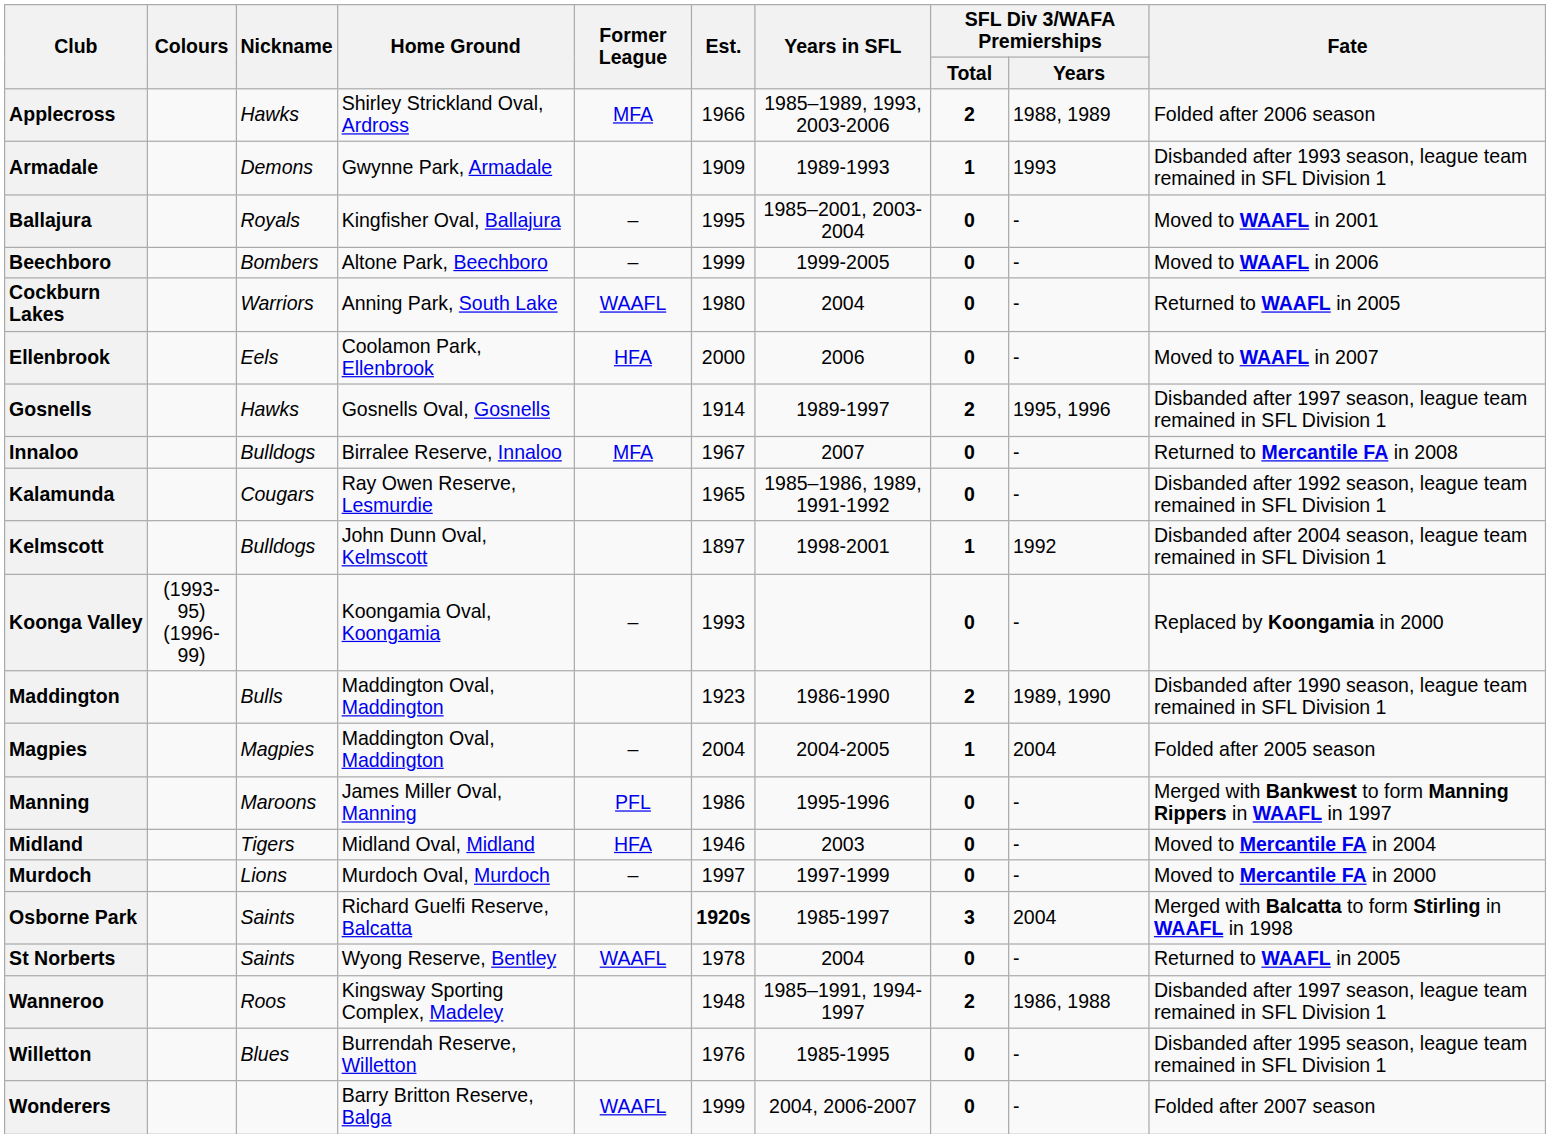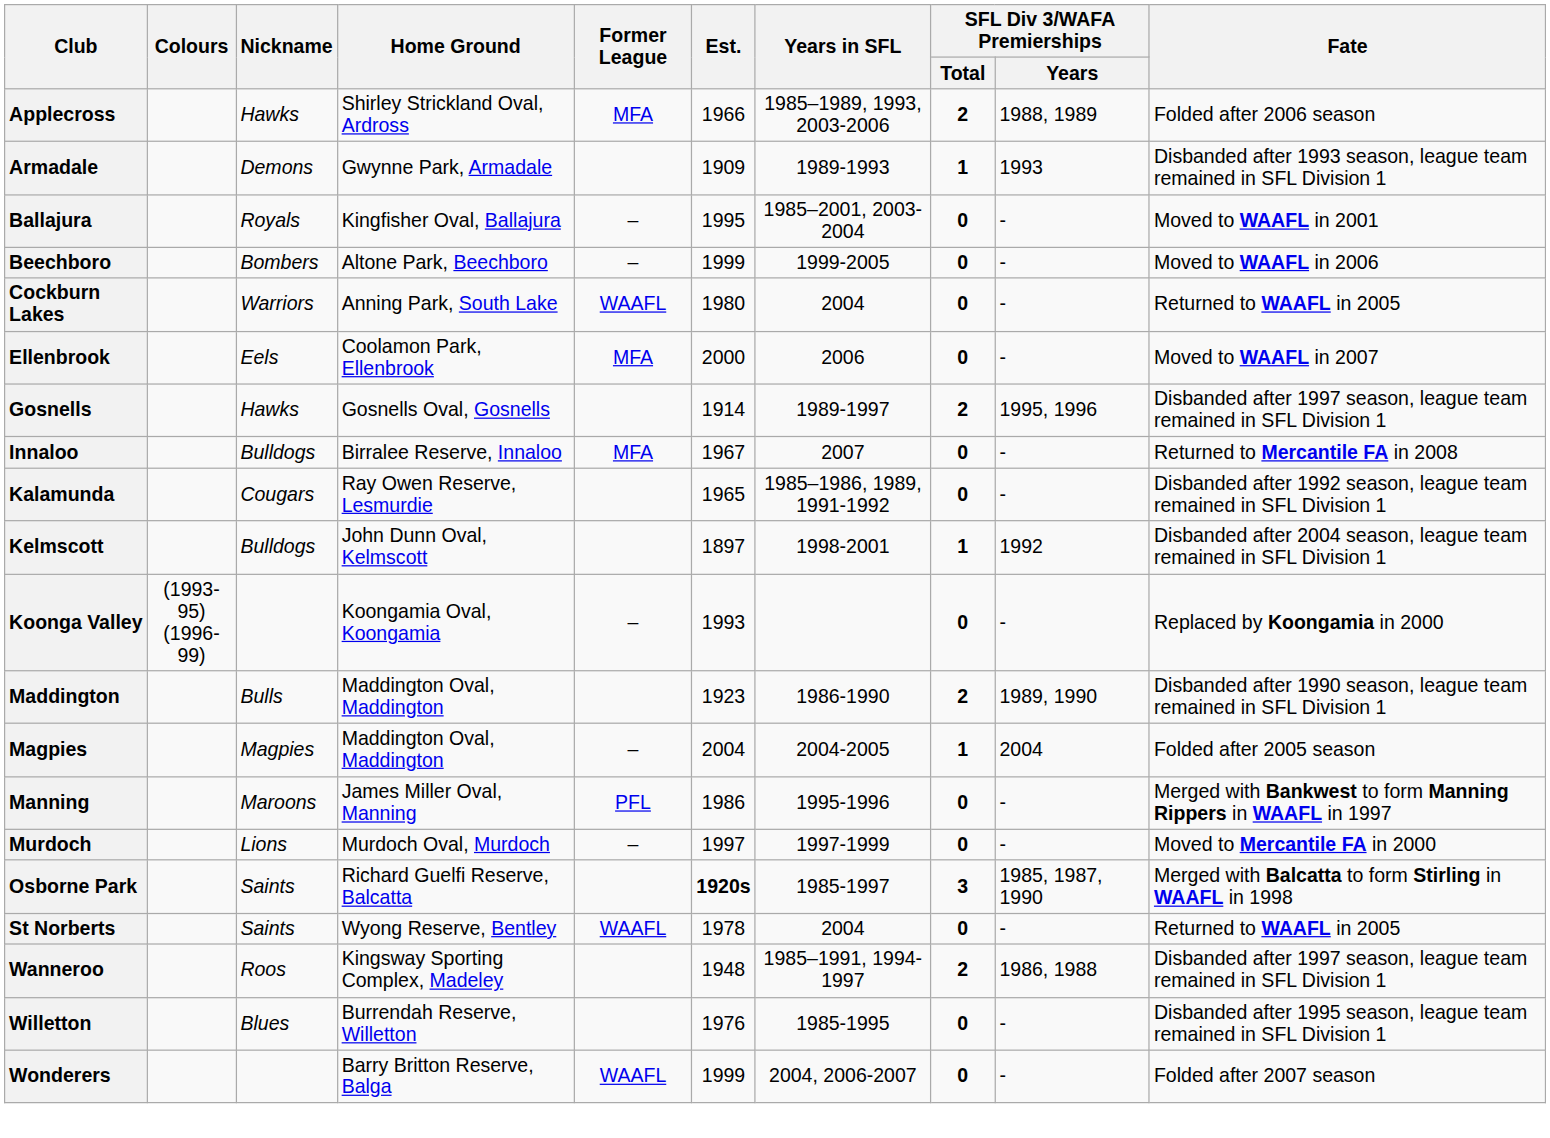 <table class="wikitable sortable" style="text-align:center; width:100%">
 <tr>
 <th rowspan="2">Club</th>
 <th rowspan="2">Colours</th>
 <th rowspan="2">Nickname</th>
 <th rowspan="2">Home Ground</th>
 <th rowspan="2">Former League</th>
 <th rowspan="2">Est.</th>
 <th rowspan="2">Years in SFL</th>
 <th colspan="2">SFL Div 3/WAFA Premierships</th>
 <th rowspan="2">Fate</th>
 </tr>
 <tr>
 <th>Total</th>
 <th>Years</th>
 </tr>
 <tr>
 <th style="text-align:left">Applecross</th>
 <td></td>
 <td align="left"><em>Hawks</em></td>
 <td align="left">Shirley Strickland Oval, <a href='#'>Ardross</a></td>
 <td><a href='#'>MFA</a></td>
 <td>1966</td>
 <td>1985–1989, 1993, 2003-2006</td>
 <td><strong>2</strong></td>
 <td align="left">1988, 1989</td>
 <td align="left">Folded after 2006 season</td>
 </tr>
 <tr>
 <th style="text-align:left">Armadale</th>
 <td></td>
 <td align="left"><em>Demons</em></td>
 <td align="left">Gwynne Park, <a href='#'>Armadale</a></td>
 <td></td>
 <td>1909</td>
 <td>1989-1993</td>
 <td><strong>1</strong></td>
 <td align="left">1993</td>
 <td align="left">Disbanded after 1993 season, league team remained in SFL Division 1</td>
 </tr>
 <tr>
 <th style="text-align:left">Ballajura</th>
 <td></td>
 <td align="left"><em>Royals</em></td>
 <td align="left">Kingfisher Oval, <a href='#'>Ballajura</a></td>
 <td>–</td>
 <td>1995</td>
 <td>1985–2001, 2003-2004</td>
 <td><strong>0</strong></td>
 <td align="left">-</td>
 <td align="left">Moved to <strong><a href='#'>WAAFL</a></strong> in 2001</td>
 </tr>
 <tr>
 <th style="text-align:left">Beechboro</th>
 <td></td>
 <td align="left"><em>Bombers</em></td>
 <td align="left">Altone Park, <a href='#'>Beechboro</a></td>
 <td>–</td>
 <td>1999</td>
 <td>1999-2005</td>
 <td><strong>0</strong></td>
 <td align="left">-</td>
 <td align="left">Moved to <strong><a href='#'>WAAFL</a></strong> in 2006</td>
 </tr>
 <tr>
 <th style="text-align:left">Cockburn Lakes</th>
 <td></td>
 <td align="left"><em>Warriors</em></td>
 <td align="left">Anning Park, <a href='#'>South Lake</a></td>
 <td><a href='#'>WAAFL</a></td>
 <td>1980</td>
 <td>2004</td>
 <td><strong>0</strong></td>
 <td align="left">-</td>
 <td align="left">Returned to <strong><a href='#'>WAAFL</a></strong> in 2005</td>
 </tr>
 <tr>
 <th style="text-align:left">Ellenbrook</th>
 <td></td>
 <td align="left"><em>Eels</em></td>
 <td align="left">Coolamon Park, <a href='#'>Ellenbrook</a></td>
-<td><a href='#'>HFA</a></td>
+<td><a href='#'>MFA</a></td>
 <td>2000</td>
 <td>2006</td>
 <td><strong>0</strong></td>
 <td align="left">-</td>
 <td align="left">Moved to <strong><a href='#'>WAAFL</a></strong> in 2007</td>
 </tr>
 <tr>
 <th style="text-align:left">Gosnells</th>
 <td></td>
 <td align="left"><em>Hawks</em></td>
 <td align="left">Gosnells Oval, <a href='#'>Gosnells</a></td>
 <td></td>
 <td>1914</td>
 <td>1989-1997</td>
 <td><strong>2</strong></td>
 <td align="left">1995, 1996</td>
 <td align="left">Disbanded after 1997 season, league team remained in SFL Division 1</td>
 </tr>
 <tr>
 <th style="text-align:left">Innaloo</th>
 <td></td>
 <td align="left"><em>Bulldogs</em></td>
 <td align="left">Birralee Reserve, <a href='#'>Innaloo</a></td>
 <td><a href='#'>MFA</a></td>
 <td>1967</td>
 <td>2007</td>
 <td><strong>0</strong></td>
 <td align="left">-</td>
 <td align="left">Returned to <a href='#'><strong>Mercantile FA</strong></a> in 2008</td>
 </tr>
 <tr>
 <th style="text-align:left">Kalamunda</th>
 <td></td>
 <td align="left"><em>Cougars</em></td>
 <td align="left">Ray Owen Reserve, <a href='#'>Lesmurdie</a></td>
 <td></td>
 <td>1965</td>
 <td>1985–1986, 1989, 1991-1992</td>
 <td><strong>0</strong></td>
 <td align="left">-</td>
 <td align="left">Disbanded after 1992 season, league team remained in SFL Division 1</td>
 </tr>
 <tr>
 <th style="text-align:left">Kelmscott</th>
 <td></td>
 <td align="left"><em>Bulldogs</em></td>
 <td align="left">John Dunn Oval, <a href='#'>Kelmscott</a></td>
 <td></td>
 <td>1897</td>
 <td>1998-2001</td>
 <td><strong>1</strong></td>
 <td align="left">1992</td>
 <td align="left">Disbanded after 2004 season, league team remained in SFL Division 1</td>
 </tr>
 <tr>
 <th style="text-align:left">Koonga Valley</th>
 <td>(1993-95)<br> (1996-99)</td>
 <td align="left"><em></em></td>
 <td align="left">Koongamia Oval, <a href='#'>Koongamia</a></td>
 <td>–</td>
 <td>1993</td>
 <td></td>
 <td><strong>0</strong></td>
 <td align="left">-</td>
 <td align="left">Replaced by <strong>Koongamia</strong> in 2000</td>
 </tr>
 <tr>
 <th style="text-align:left">Maddington</th>
 <td></td>
 <td align="left"><em>Bulls</em></td>
 <td align="left">Maddington Oval, <a href='#'>Maddington</a></td>
 <td></td>
 <td>1923</td>
 <td>1986-1990</td>
 <td><strong>2</strong></td>
 <td align="left">1989, 1990</td>
 <td align="left">Disbanded after 1990 season, league team remained in SFL Division 1</td>
 </tr>
 <tr>
 <th style="text-align:left">Magpies</th>
 <td></td>
 <td align="left"><em>Magpies</em></td>
 <td align="left">Maddington Oval, <a href='#'>Maddington</a></td>
 <td>–</td>
 <td>2004</td>
 <td>2004-2005</td>
 <td><strong>1</strong></td>
 <td align="left">2004</td>
 <td align="left">Folded after 2005 season</td>
 </tr>
 <tr>
 <th style="text-align:left">Manning</th>
 <td></td>
 <td align="left"><em>Maroons</em></td>
 <td align="left">James Miller Oval, <a href='#'>Manning</a></td>
 <td><a href='#'>PFL</a></td>
 <td>1986</td>
 <td>1995-1996</td>
 <td><strong>0</strong></td>
 <td align="left">-</td>
 <td align="left">Merged with <strong>Bankwest</strong> to form <strong>Manning Rippers</strong> in <a href='#'><strong>WAAFL</strong></a> in 1997</td>
 </tr>
 <tr>
-<th style="text-align:left">Midland</th>
-<td></td>
-<td align="left"><em>Tigers</em></td>
-<td align="left">Midland Oval, <a href='#'>Midland</a></td>
-<td><a href='#'>HFA</a></td>
-<td>1946</td>
-<td>2003</td>
-<td><strong>0</strong></td>
-<td align="left">-</td>
-<td align="left">Moved to <a href='#'><strong>Mercantile FA</strong></a> in 2004</td>
-</tr>
-<tr>
 <th style="text-align:left">Murdoch</th>
 <td></td>
 <td align="left"><em>Lions</em></td>
 <td align="left">Murdoch Oval, <a href='#'>Murdoch</a></td>
 <td>–</td>
 <td>1997</td>
 <td>1997-1999</td>
 <td><strong>0</strong></td>
 <td align="left">-</td>
 <td align="left">Moved to <a href='#'><strong>Mercantile FA</strong></a> in 2000</td>
 </tr>
 <tr>
 <th style="text-align:left">Osborne Park</th>
 <td></td>
 <td align="left"><em>Saints</em></td>
 <td align="left">Richard Guelfi Reserve, <a href='#'>Balcatta</a></td>
 <td></td>
 <td><strong>1920s</strong></td>
 <td>1985-1997</td>
 <td><strong>3</strong></td>
-<td align="left">2004</td>
+<td align="left">1985, 1987, 1990</td>
 <td align="left">Merged with <strong>Balcatta</strong> to form <strong>Stirling</strong> in <strong><a href='#'>WAAFL</a></strong> in 1998</td>
 </tr>
 <tr>
 <th style="text-align:left">St Norberts</th>
 <td></td>
 <td align="left"><em>Saints</em></td>
 <td align="left">Wyong Reserve, <a href='#'>Bentley</a></td>
 <td><a href='#'>WAAFL</a></td>
 <td>1978</td>
 <td>2004</td>
 <td><strong>0</strong></td>
 <td align="left">-</td>
 <td align="left">Returned to <strong><a href='#'>WAAFL</a></strong> in 2005</td>
 </tr>
 <tr>
 <th style="text-align:left">Wanneroo</th>
 <td></td>
 <td align="left"><em>Roos</em></td>
 <td align="left">Kingsway Sporting Complex, <a href='#'>Madeley</a></td>
 <td></td>
 <td>1948</td>
 <td>1985–1991, 1994-1997</td>
 <td><strong>2</strong></td>
 <td align="left">1986, 1988</td>
 <td align="left">Disbanded after 1997 season, league team remained in SFL Division 1</td>
 </tr>
 <tr>
 <th style="text-align:left">Willetton</th>
 <td></td>
 <td align="left"><em>Blues</em></td>
 <td align="left">Burrendah Reserve, <a href='#'>Willetton</a></td>
 <td></td>
 <td>1976</td>
 <td>1985-1995</td>
 <td><strong>0</strong></td>
 <td align="left">-</td>
 <td align="left">Disbanded after 1995 season, league team remained in SFL Division 1</td>
 </tr>
 <tr>
 <th style="text-align:left">Wonderers</th>
 <td></td>
 <td align="left"></td>
 <td align="left">Barry Britton Reserve, <a href='#'>Balga</a></td>
 <td><a href='#'>WAAFL</a></td>
 <td>1999</td>
 <td>2004, 2006-2007</td>
 <td><strong>0</strong></td>
 <td align="left">-</td>
 <td align="left">Folded after 2007 season</td>
 </tr>
 </table>
